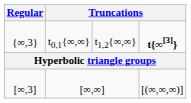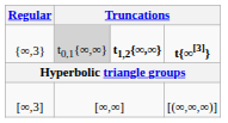 <table class=wikitable>
 <tr>
 <th><a href='#'>Regular</a></th>
 <th colspan=3><a href='#'>Truncations</a></th>
 </tr>
 <tr align=center>
 <td><br>{∞,3}<br></td>
-<td><br>t<sub>0,1</sub>{∞,∞}<br></td>
-<td><br>t<sub>1,2</sub>{∞,∞}<br></td>
+<td style="background: lightgrey;"><br>t<sub>0,1</sub>{∞,∞}<br></td>
+<td><strong><br>t<sub>1,2</sub>{∞,∞}<br></strong></td>
 <td><strong><br>t{∞<sup>[3]</sup>}<br></strong></td>
 </tr>
 <tr>
 <th Colspan=4>Hyperbolic <a href='#'>triangle groups</a></th>
 </tr>
 <tr align=center>
 <td><br>[∞,3]</td>
 <td colspan=2><br>[∞,∞]</td>
 <td><br>[(∞,∞,∞)]</td>
 </tr>
 </table>
